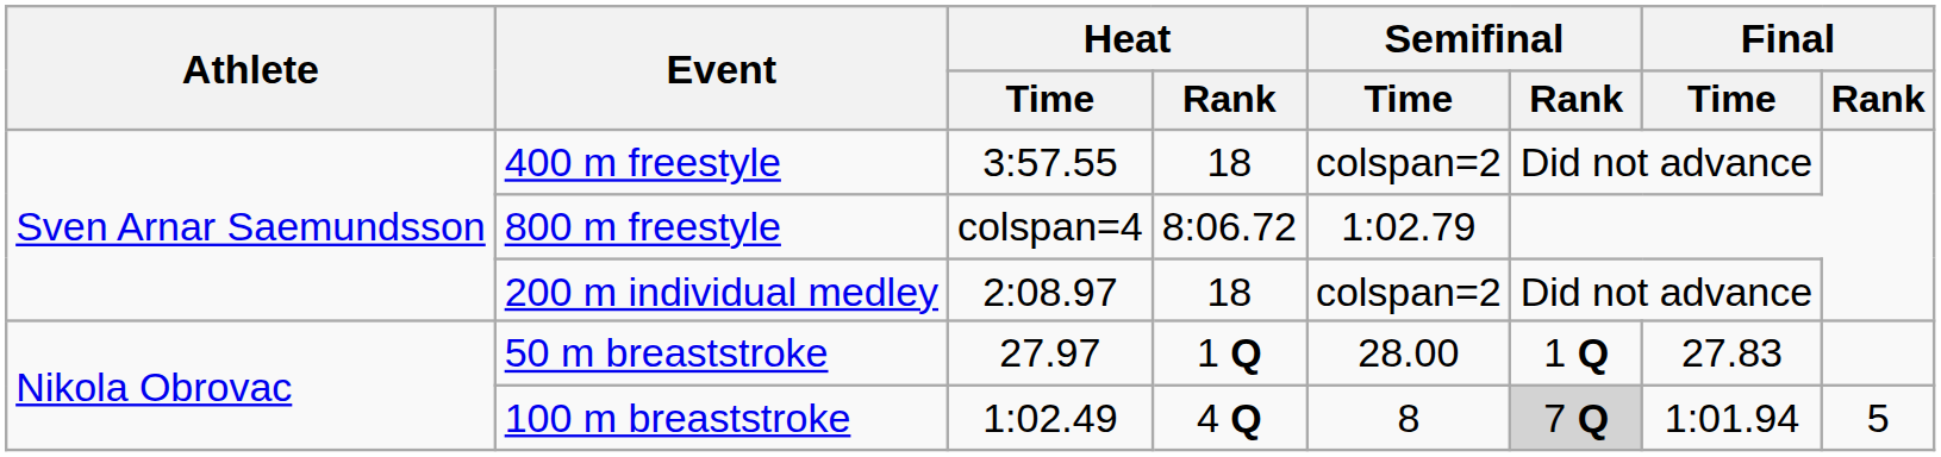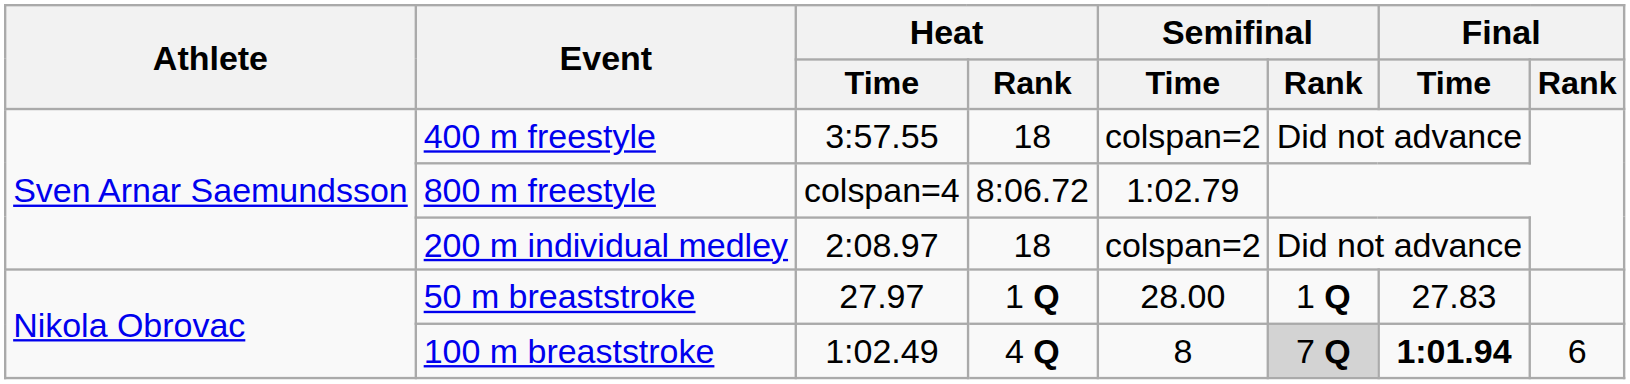 <table class=wikitable style="font-size:90%">
 <tr>
 <th rowspan=2>Athlete</th>
 <th rowspan=2>Event</th>
 <th colspan="2">Heat</th>
 <th colspan="2">Semifinal</th>
 <th colspan="2">Final</th>
 </tr>
 <tr style="font-size:95%">
 <th>Time</th>
 <th>Rank</th>
 <th>Time</th>
 <th>Rank</th>
 <th>Time</th>
 <th>Rank</th>
 </tr>
 <tr align=center>
 <td align=left rowspan=3><a href='#'>Sven Arnar Saemundsson</a></td>
 <td align=left><a href='#'>400 m freestyle</a></td>
 <td>3:57.55</td>
 <td>18</td>
 <td>colspan=2 </td>
 <td colspan=2>Did not advance</td>
 </tr>
 <tr align=center>
 <td align=left><a href='#'>800 m freestyle</a></td>
 <td>colspan=4 </td>
 <td>8:06.72</td>
 <td>1:02.79</td>
 </tr>
 <tr align=center>
 <td align=left><a href='#'>200 m individual medley</a></td>
 <td>2:08.97</td>
 <td>18</td>
 <td>colspan=2 </td>
 <td colspan=2>Did not advance</td>
 </tr>
 <tr align=center>
 <td align=left rowspan=2><a href='#'>Nikola Obrovac</a></td>
 <td align=left><a href='#'>50 m breaststroke</a></td>
 <td>27.97</td>
 <td>1 <strong>Q</strong></td>
 <td>28.00</td>
 <td>1 <strong>Q</strong></td>
 <td>27.83</td>
 <td></td>
 </tr>
 <tr align=center>
 <td align=left><a href='#'>100 m breaststroke</a></td>
 <td>1:02.49</td>
 <td>4 <strong>Q</strong></td>
 <td>8</td>
 <td style="background: lightgrey;">7 <strong>Q</strong></td>
-<td>1:01.94</td>
-<td>5</td>
+<td><strong>1:01.94</strong></td>
+<td>6</td>
 </tr>
 </table>
